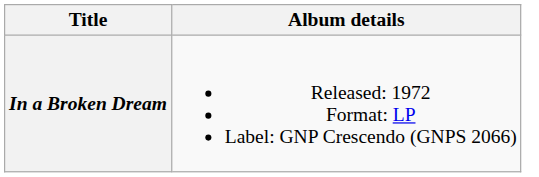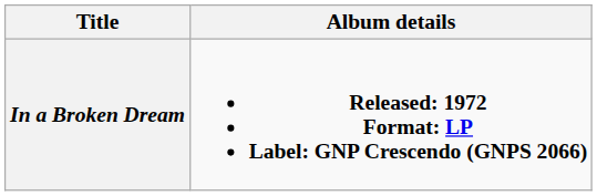 <table class="wikitable plainrowheaders" style="text-align:center;" border="1">
 <tr>
 <th>Title</th>
 <th>Album details</th>
 </tr>
 <tr>
 <th scope="row"><em>In a Broken Dream</em></th>
-<td><br><ul><li>Released: 1972</li><li>Format: <a href='#'>LP</a></li><li>Label: GNP Crescendo (GNPS 2066)</li></ul></td>
+<td><strong><br><ul><li>Released: 1972</li><li>Format: <a href='#'>LP</a></li><li>Label: GNP Crescendo (GNPS 2066)</li></ul></strong></td>
 </tr>
 </table>
